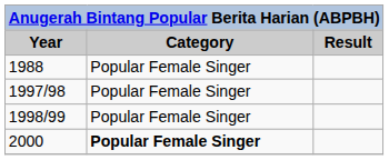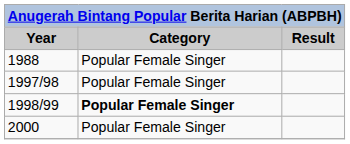 <table class="wikitable" style="font-size:90%;">
 <tr>
 <th colspan=4 style="background:#B0C4DE;"><a href='#'>Anugerah Bintang Popular</a> Berita Harian (ABPBH)</th>
 </tr>
 <tr align="center">
 <th style="background: #CCCCCC;">Year</th>
 <th style="background: #CCCCCC;">Category</th>
 <th style="background: #CCCCCC;">Result</th>
 </tr>
 <tr>
 <td>1988</td>
 <td>Popular Female Singer</td>
 <td></td>
 </tr>
 <tr>
 <td>1997/98</td>
 <td>Popular Female Singer</td>
 <td></td>
 </tr>
 <tr>
 <td>1998/99</td>
-<td>Popular Female Singer</td>
+<td><strong>Popular Female Singer</strong></td>
 <td></td>
 </tr>
 <tr>
 <td>2000</td>
-<td><strong>Popular Female Singer</strong></td>
+<td>Popular Female Singer</td>
 <td></td>
 </tr>
 <tr>
 </tr>
 </table>
